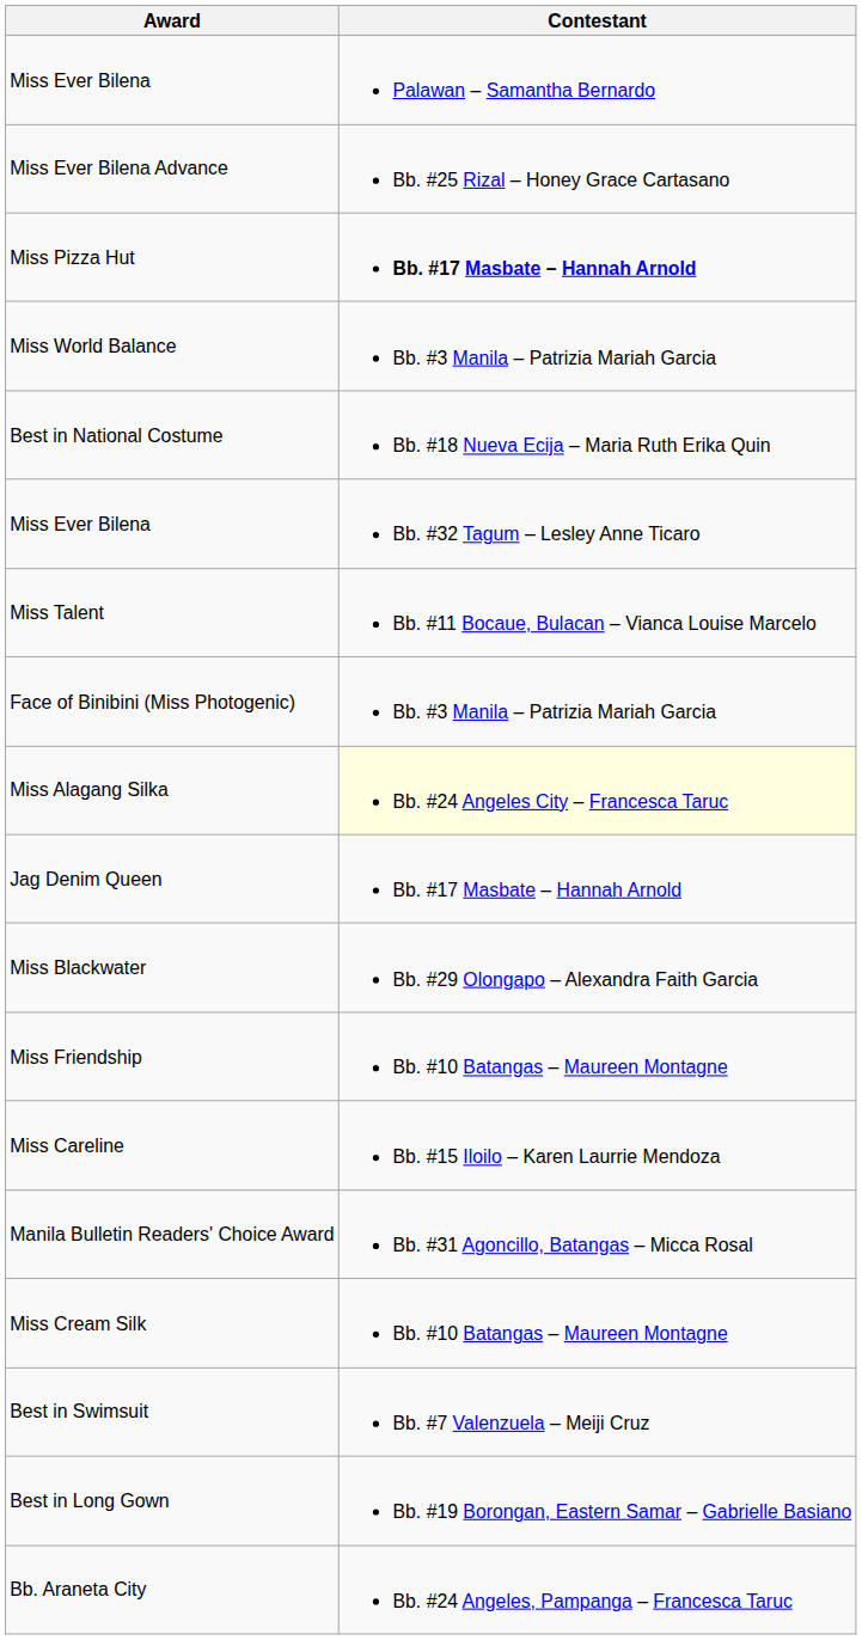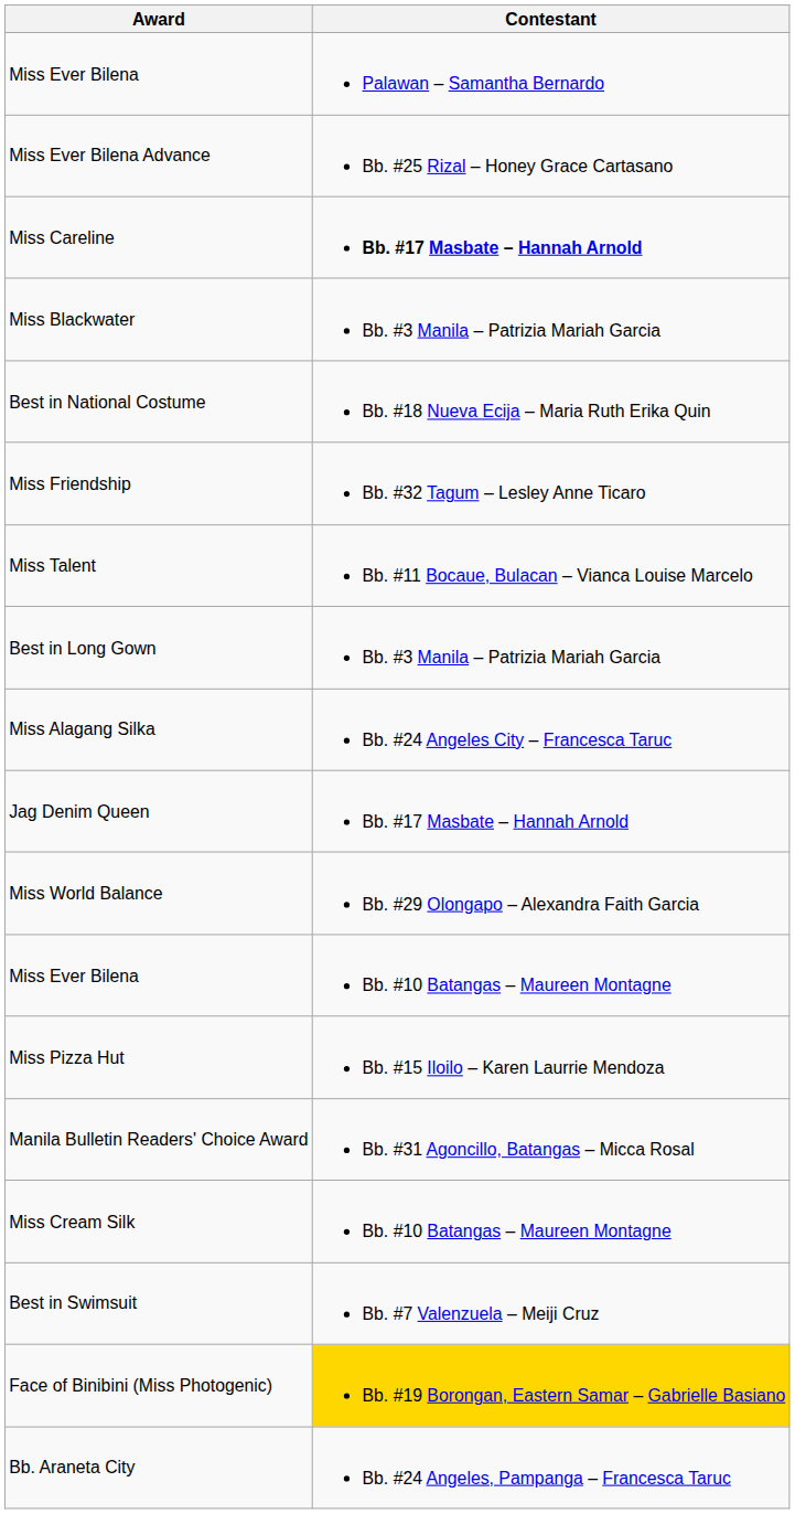 <table class="wikitable sortable" style="font-size: 95%;">
 <tr>
 <th>Award</th>
 <th>Contestant</th>
 </tr>
 <tr>
 <td>Miss Ever Bilena</td>
 <td><br><ul><li><a href='#'>Palawan</a> – <a href='#'>Samantha Bernardo</a></li></ul></td>
 </tr>
 <tr>
 <td>Miss Ever Bilena Advance</td>
 <td><br><ul><li>Bb. #25 <a href='#'>Rizal</a> – Honey Grace Cartasano</li></ul></td>
 </tr>
 <tr>
-<td>Miss Pizza Hut</td>
+<td>Miss Careline</td>
 <td><strong><br><ul><li>Bb. #17 <a href='#'>Masbate</a> – <a href='#'>Hannah Arnold</a></li></ul></strong></td>
 </tr>
 <tr>
-<td>Miss World Balance</td>
+<td>Miss Blackwater</td>
 <td><br><ul><li>Bb. #3 <a href='#'>Manila</a> – Patrizia Mariah Garcia</li></ul></td>
 </tr>
 <tr>
 <td>Best in National Costume</td>
 <td><br><ul><li>Bb. #18 <a href='#'>Nueva Ecija</a> – Maria Ruth Erika Quin</li></ul></td>
 </tr>
 <tr>
-<td>Miss Ever Bilena</td>
+<td>Miss Friendship</td>
 <td><br><ul><li>Bb. #32 <a href='#'>Tagum</a> – Lesley Anne Ticaro</li></ul></td>
 </tr>
 <tr>
 <td>Miss Talent</td>
 <td><br><ul><li>Bb. #11 <a href='#'>Bocaue, Bulacan</a> – Vianca Louise Marcelo</li></ul></td>
 </tr>
 <tr>
-<td>Face of Binibini (Miss Photogenic)</td>
+<td>Best in Long Gown</td>
 <td><br><ul><li>Bb. #3 <a href='#'>Manila</a> – Patrizia Mariah Garcia</li></ul></td>
 </tr>
 <tr>
 <td>Miss Alagang Silka</td>
-<td style="background: lightyellow;"><br><ul><li>Bb. #24 <a href='#'>Angeles City</a> – <a href='#'>Francesca Taruc</a></li></ul></td>
+<td><br><ul><li>Bb. #24 <a href='#'>Angeles City</a> – <a href='#'>Francesca Taruc</a></li></ul></td>
 </tr>
 <tr>
 <td>Jag Denim Queen</td>
 <td><br><ul><li>Bb. #17 <a href='#'>Masbate</a> – <a href='#'>Hannah Arnold</a></li></ul></td>
 </tr>
 <tr>
-<td>Miss Blackwater</td>
+<td>Miss World Balance</td>
 <td><br><ul><li>Bb. #29 <a href='#'>Olongapo</a> – Alexandra Faith Garcia</li></ul></td>
 </tr>
 <tr>
-<td>Miss Friendship</td>
+<td>Miss Ever Bilena</td>
 <td><br><ul><li>Bb. #10 <a href='#'>Batangas</a> – <a href='#'>Maureen Montagne</a></li></ul></td>
 </tr>
 <tr>
-<td>Miss Careline</td>
+<td>Miss Pizza Hut</td>
 <td><br><ul><li>Bb. #15 <a href='#'>Iloilo</a> – Karen Laurrie Mendoza</li></ul></td>
 </tr>
 <tr>
 <td>Manila Bulletin Readers' Choice Award</td>
 <td><br><ul><li>Bb. #31 <a href='#'>Agoncillo, Batangas</a> – Micca Rosal</li></ul></td>
 </tr>
 <tr>
 <td>Miss Cream Silk</td>
 <td><br><ul><li>Bb. #10 <a href='#'>Batangas</a> – <a href='#'>Maureen Montagne</a></li></ul></td>
 </tr>
 <tr>
 <td>Best in Swimsuit</td>
 <td><br><ul><li>Bb. #7 <a href='#'>Valenzuela</a> – Meiji Cruz</li></ul></td>
 </tr>
 <tr>
-<td>Best in Long Gown</td>
-<td><br><ul><li>Bb. #19 <a href='#'>Borongan, Eastern Samar</a> – <a href='#'>Gabrielle Basiano</a></li></ul></td>
+<td>Face of Binibini (Miss Photogenic)</td>
+<td style="background: gold;"><br><ul><li>Bb. #19 <a href='#'>Borongan, Eastern Samar</a> – <a href='#'>Gabrielle Basiano</a></li></ul></td>
 </tr>
 <tr>
 <td>Bb. Araneta City</td>
 <td><br><ul><li>Bb. #24 <a href='#'>Angeles, Pampanga</a> – <a href='#'>Francesca Taruc</a></li></ul></td>
 </tr>
 </table>
